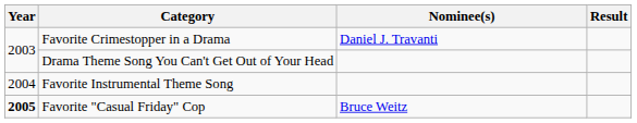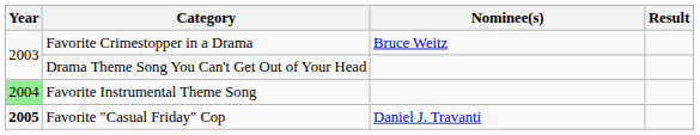 <table class="wikitable" style="font-size: 95%">
 <tr>
 <th>Year</th>
 <th>Category</th>
 <th style="width:40%;">Nominee(s)</th>
 <th>Result</th>
 </tr>
 <tr>
 <td rowspan=2>2003</td>
 <td>Favorite Crimestopper in a Drama</td>
-<td><a href='#'>Daniel J. Travanti</a></td>
+<td><a href='#'>Bruce Weitz</a></td>
 <td></td>
 </tr>
 <tr>
 <td>Drama Theme Song You Can't Get Out of Your Head</td>
 <td></td>
 <td></td>
 </tr>
 <tr>
-<td>2004</td>
+<td style="background: lightgreen;">2004</td>
 <td>Favorite Instrumental Theme Song</td>
 <td></td>
 <td></td>
 </tr>
 <tr>
 <td><strong>2005</strong></td>
 <td>Favorite "Casual Friday" Cop</td>
-<td><a href='#'>Bruce Weitz</a></td>
+<td><a href='#'>Daniel J. Travanti</a></td>
 <td></td>
 </tr>
 </table>
